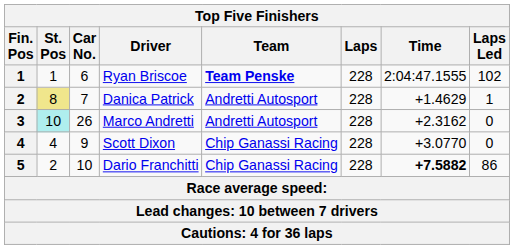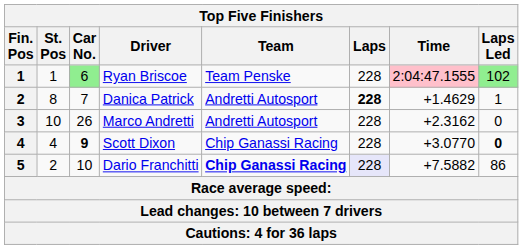 <table class="wikitable" style="font-size:95%;">
 <tr>
 <th colspan=9>Top Five Finishers</th>
 </tr>
 <tr>
 <th>Fin.<br>Pos</th>
 <th>St.<br>Pos</th>
 <th>Car<br>No.</th>
 <th>Driver</th>
 <th>Team</th>
 <th>Laps</th>
 <th>Time</th>
 <th>Laps<br>Led</th>
 </tr>
 <tr>
 <th>1</th>
 <td align=center>1</td>
-<td align=center>6</td>
+<td align=center style="background: lightgreen;">6</td>
 <td> <a href='#'>Ryan Briscoe</a></td>
-<td><strong><a href='#'>Team Penske</a></strong></td>
+<td><a href='#'>Team Penske</a></td>
 <td align=center>228</td>
-<td align=right>2:04:47.1555</td>
-<td align=center>102</td>
+<td align=right style="background: pink;">2:04:47.1555</td>
+<td align=center style="background: lightgreen;">102</td>
 </tr>
 <tr>
 <th>2</th>
-<td align=center style="background: khaki;">8</td>
+<td align=center>8</td>
 <td align=center>7</td>
 <td> <a href='#'>Danica Patrick</a></td>
 <td><a href='#'>Andretti Autosport</a></td>
-<td align=center>228</td>
+<td align=center><strong>228</strong></td>
 <td align=right>+1.4629</td>
 <td align=center>1</td>
 </tr>
 <tr>
 <th>3</th>
-<td align=center style="background: paleturquoise;">10</td>
+<td align=center>10</td>
 <td align=center>26</td>
 <td> <a href='#'>Marco Andretti</a></td>
 <td><a href='#'>Andretti Autosport</a></td>
 <td align=center>228</td>
 <td align=right>+2.3162</td>
 <td align=center>0</td>
 </tr>
 <tr>
 <th>4</th>
 <td align=center>4</td>
-<td align=center>9</td>
+<td align=center><strong>9</strong></td>
 <td> <a href='#'>Scott Dixon</a></td>
 <td><a href='#'>Chip Ganassi Racing</a></td>
 <td align=center>228</td>
 <td align=right>+3.0770</td>
-<td align=center>0</td>
+<td align=center><strong>0</strong></td>
 </tr>
 <tr>
 <th>5</th>
 <td align=center>2</td>
 <td align=center>10</td>
 <td> <a href='#'>Dario Franchitti</a></td>
-<td><a href='#'>Chip Ganassi Racing</a></td>
-<td align=center>228</td>
-<td align=right><strong>+7.5882</strong></td>
+<td><strong><a href='#'>Chip Ganassi Racing</a></strong></td>
+<td align=center style="background: lavender;">228</td>
+<td align=right>+7.5882</td>
 <td align=center>86</td>
 </tr>
 <tr>
 <th colspan=9>Race average speed: </th>
 </tr>
 <tr>
 <th colspan=9>Lead changes: 10 between 7 drivers</th>
 </tr>
 <tr>
 <th colspan=9>Cautions: 4 for 36 laps</th>
 </tr>
 </table>
